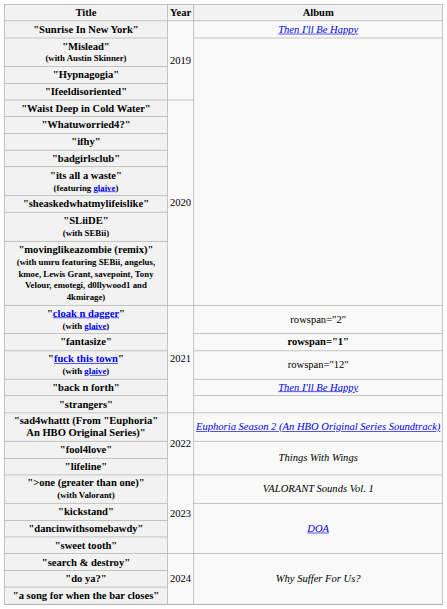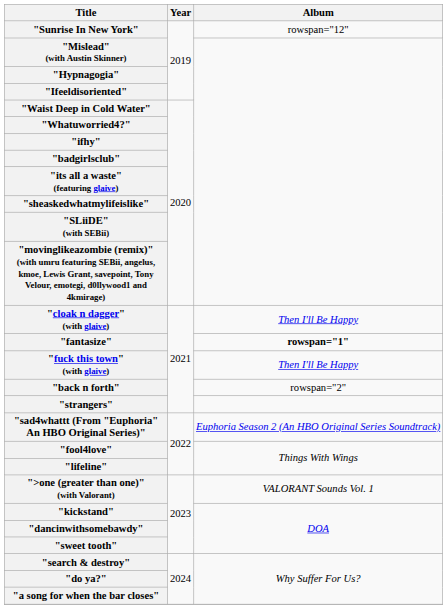 <table class="wikitable plainrowheaders" style="text-align:center;">
 <tr>
 <th scope="col" style="width:15em;">Title</th>
 <th scope="col">Year</th>
 <th scope="col">Album</th>
 </tr>
 <tr>
 <th scope="row">"Sunrise In New York"</th>
 <td rowspan="4">2019</td>
-<td><a href='#'><em>Then I'll Be Happy</em></a></td>
+<td>rowspan="12" </td>
 </tr>
 <tr>
 <th scope="row">"Mislead"<br><small>(with Austin Skinner)</small></th>
 </tr>
 <tr>
 <th scope="row">"Hypnagogia"</th>
 </tr>
 <tr>
 <th scope="row">"Ifeeldisoriented"</th>
 </tr>
 <tr>
 <th scope="row">"Waist Deep in Cold Water"</th>
 <td rowspan="8">2020</td>
 </tr>
 <tr>
 <th scope="row">"Whatuworried4?"</th>
 </tr>
 <tr>
 <th scope="row">"ifhy"</th>
 </tr>
 <tr>
 <th scope="row">"badgirlsclub"</th>
 </tr>
 <tr>
 <th scope="row">"its all a waste"<br><small>(featuring <a href='#'>glaive</a>)</small></th>
 </tr>
 <tr>
 <th scope="row">"sheaskedwhatmylifeislike"</th>
 </tr>
 <tr>
 <th scope="row">"SLiiDE"<br><small>(with SEBii)</small></th>
 </tr>
 <tr>
 <th scope="row">"movinglikeazombie (remix)"<br><small>(with umru featuring SEBii, angelus, kmoe, Lewis Grant, savepoint, Tony Velour, emotegi, d0llywood1 and 4kmirage)</small></th>
 </tr>
 <tr>
 <th scope="row">"<a href='#'>cloak n dagger</a>"<br><small>(with <a href='#'>glaive</a>)</small></th>
 <td rowspan="5">2021</td>
-<td>rowspan="2" </td>
+<td><a href='#'><em>Then I'll Be Happy</em></a></td>
 </tr>
 <tr>
 <th scope="row">"fantasize"</th>
 <td><strong>rowspan="1" </strong></td>
 </tr>
 <tr>
 <th scope="row">"<a href='#'>fuck this town</a>"<br><small>(with <a href='#'>glaive</a>)</small></th>
-<td>rowspan="12" </td>
+<td><a href='#'><em>Then I'll Be Happy</em></a></td>
 </tr>
 <tr>
 <th scope="row">"back n forth"</th>
-<td><a href='#'><em>Then I'll Be Happy</em></a></td>
+<td>rowspan="2" </td>
 </tr>
 <tr>
 <th scope="row">"strangers"</th>
 </tr>
 <tr>
 <th scope="row">"sad4whattt (From "Euphoria" An HBO Original Series)"</th>
 <td rowspan="3">2022</td>
 <td><em><a href='#'>Euphoria Season 2 (An HBO Original Series Soundtrack)</a></em></td>
 </tr>
 <tr>
 <th scope="row">"fool4love"</th>
 <td rowspan="2"><em>Things With Wings</em></td>
 </tr>
 <tr>
 <th scope="row">"lifeline"</th>
 </tr>
 <tr>
 <th scope="row">">one (greater than one)"<br><small>(with Valorant)</small></th>
 <td rowspan="4">2023</td>
 <td><em>VALORANT Sounds Vol. 1</em></td>
 </tr>
 <tr>
 <th scope="row">"kickstand"</th>
 <td rowspan="3"><em><a href='#'>DOA</a></em></td>
 </tr>
 <tr>
 <th scope="row">"dancinwithsomebawdy"</th>
 </tr>
 <tr>
 <th scope="row">"sweet tooth"</th>
 </tr>
 <tr>
 <th scope="row">"search & destroy"</th>
 <td rowspan="3">2024</td>
 <td rowspan="3"><em>Why Suffer For Us?</em></td>
 </tr>
 <tr>
 <th scope="row">"do ya?"</th>
 </tr>
 <tr>
 <th scope="row">"a song for when the bar closes"</th>
 </tr>
 <tr>
 </tr>
 </table>
